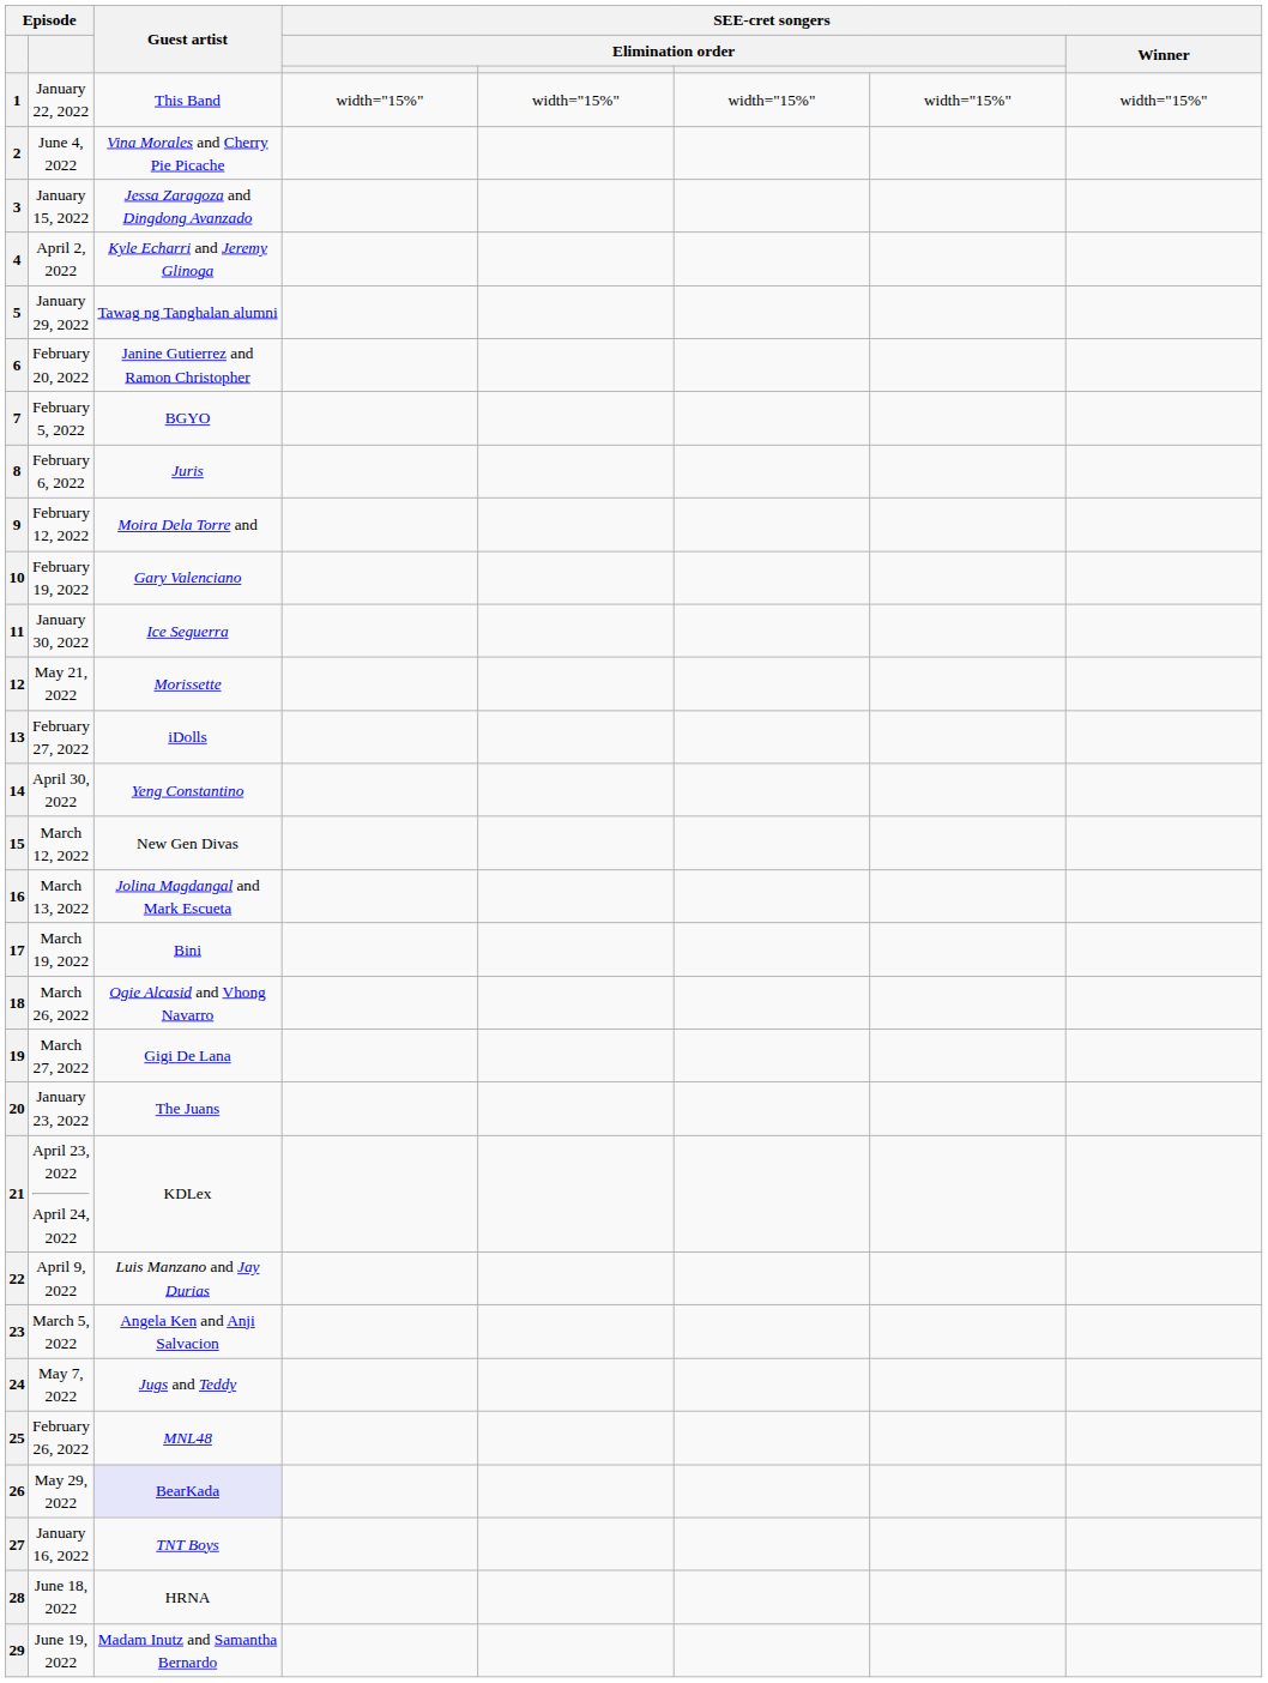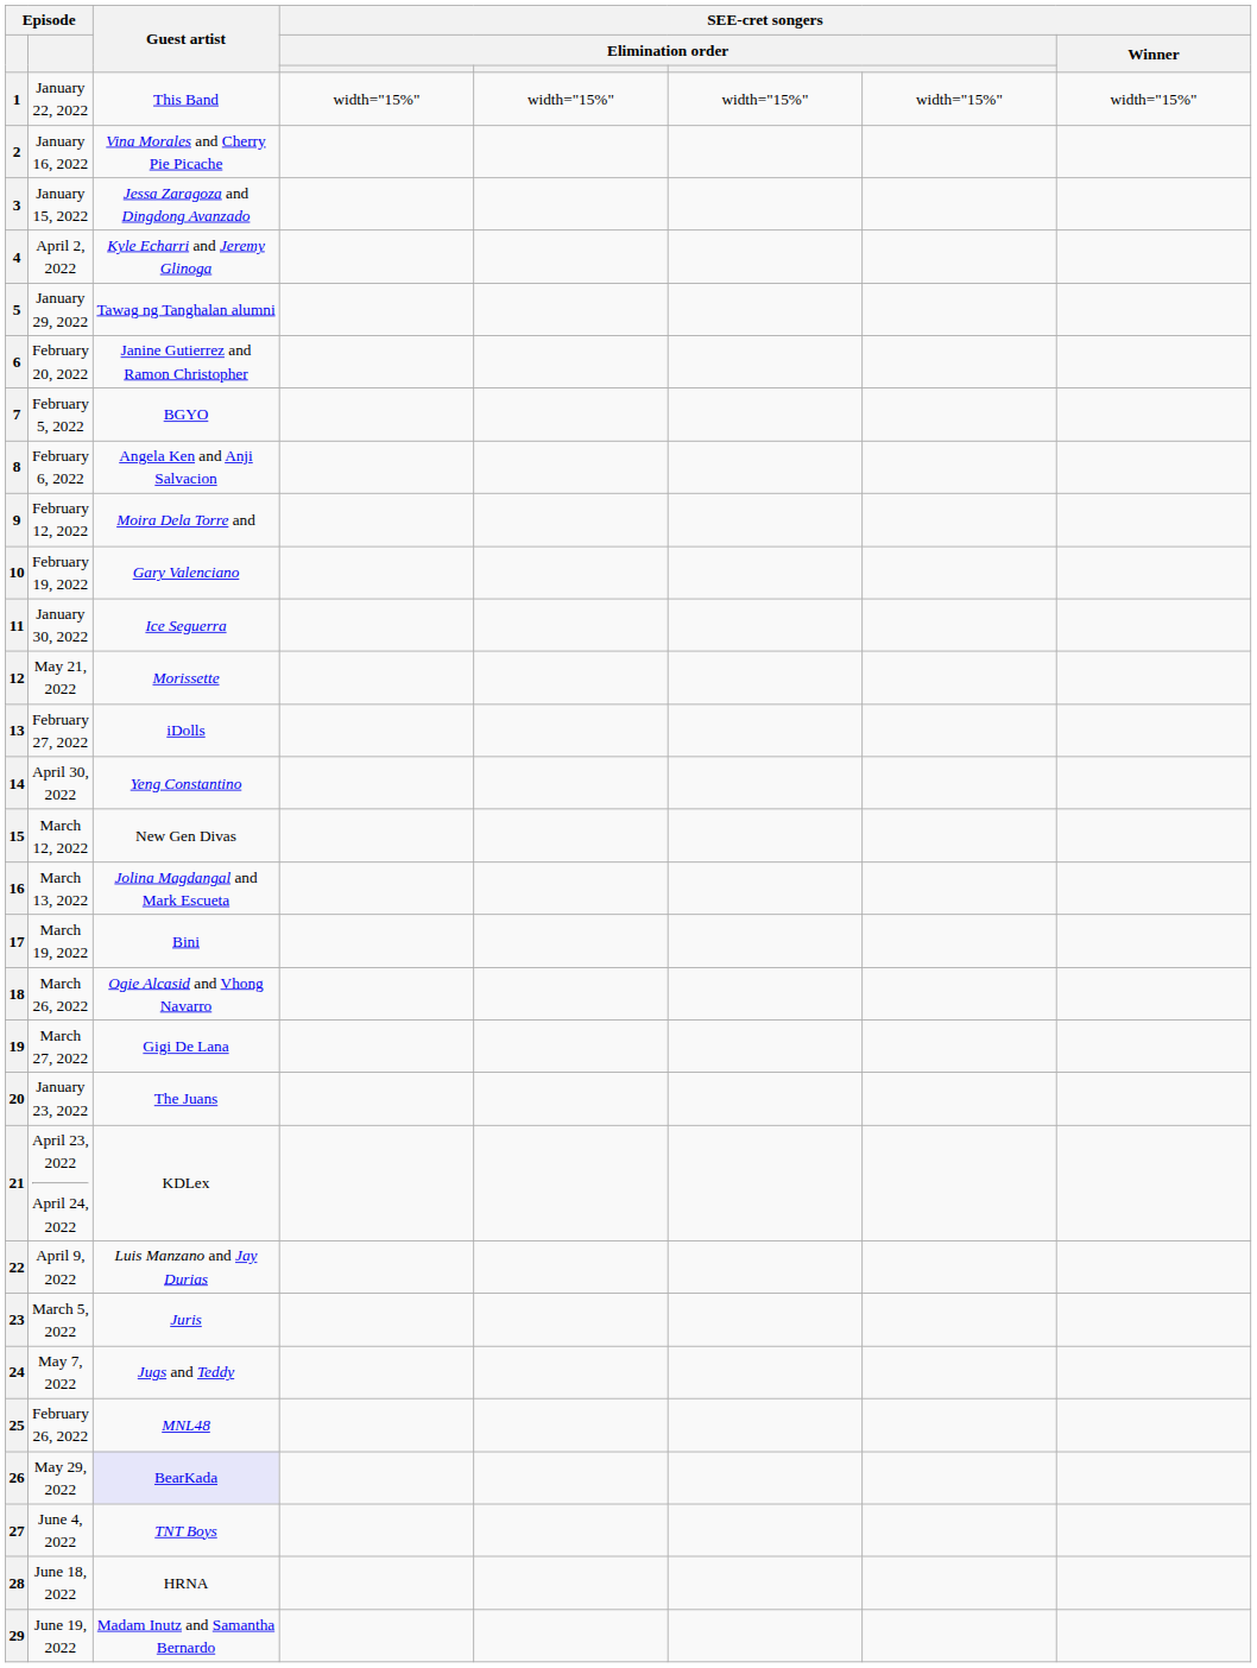 <table class="wikitable plainrowheaders mw-collapsible" style="text-align:center; line-height:23px; width:100%;">
 <tr>
 <th colspan="2" width="1%">Episode</th>
 <th rowspan="3" width="15%">Guest artist</th>
 <th colspan="5">SEE-cret songers<br></th>
 </tr>
 <tr>
 <th rowspan="2"></th>
 <th rowspan="2"></th>
 <th colspan="4">Elimination order</th>
 <th rowspan="2">Winner</th>
 </tr>
 <tr>
 <th></th>
 <th></th>
 <th colspan="2"></th>
 </tr>
 <tr>
 <th>1</th>
 <td>January 22, 2022</td>
 <td><a href='#'>This Band</a></td>
 <td>width="15%" </td>
 <td>width="15%" </td>
 <td>width="15%" </td>
 <td>width="15%" </td>
 <td>width="15%" </td>
 </tr>
 <tr>
 <th>2</th>
-<td>June 4, 2022</td>
+<td>January 16, 2022</td>
 <td><em><a href='#'>Vina Morales</a></em> and <a href='#'>Cherry Pie Picache</a></td>
 <td></td>
 <td></td>
 <td></td>
 <td></td>
 <td></td>
 </tr>
 <tr>
 <th>3</th>
 <td>January 15, 2022</td>
 <td><em><a href='#'>Jessa Zaragoza</a></em> and <em><a href='#'>Dingdong Avanzado</a></em></td>
 <td></td>
 <td></td>
 <td></td>
 <td></td>
 <td></td>
 </tr>
 <tr>
 <th>4</th>
 <td>April 2, 2022</td>
 <td><em><a href='#'>Kyle Echarri</a></em> and <em><a href='#'>Jeremy Glinoga</a></em></td>
 <td></td>
 <td></td>
 <td></td>
 <td></td>
 <td></td>
 </tr>
 <tr>
 <th>5</th>
 <td>January 29, 2022</td>
 <td><a href='#'>Tawag ng Tanghalan alumni</a><br></td>
 <td></td>
 <td></td>
 <td></td>
 <td></td>
 <td></td>
 </tr>
 <tr>
 <th>6</th>
 <td>February 20, 2022</td>
 <td><a href='#'>Janine Gutierrez</a> and <a href='#'>Ramon Christopher</a></td>
 <td></td>
 <td></td>
 <td></td>
 <td></td>
 <td></td>
 </tr>
 <tr>
 <th>7</th>
 <td>February 5, 2022</td>
 <td><a href='#'>BGYO</a></td>
 <td></td>
 <td></td>
 <td></td>
 <td></td>
 <td></td>
 </tr>
 <tr>
 <th>8</th>
 <td>February 6, 2022</td>
-<td><em><a href='#'>Juris</a></em></td>
+<td><a href='#'>Angela Ken</a> and <a href='#'>Anji Salvacion</a></td>
 <td></td>
 <td></td>
 <td></td>
 <td></td>
 <td></td>
 </tr>
 <tr>
 <th>9</th>
 <td>February 12, 2022</td>
 <td><em><a href='#'>Moira Dela Torre</a></em> and <br></td>
 <td></td>
 <td></td>
 <td></td>
 <td></td>
 <td></td>
 </tr>
 <tr>
 <th>10</th>
 <td>February 19, 2022</td>
 <td><em><a href='#'>Gary Valenciano</a></em></td>
 <td></td>
 <td></td>
 <td></td>
 <td></td>
 <td></td>
 </tr>
 <tr>
 <th>11</th>
 <td>January 30, 2022</td>
 <td><em><a href='#'>Ice Seguerra</a></em></td>
 <td></td>
 <td></td>
 <td></td>
 <td></td>
 <td></td>
 </tr>
 <tr>
 <th>12</th>
 <td>May 21, 2022</td>
 <td><em><a href='#'>Morissette</a></em></td>
 <td></td>
 <td></td>
 <td></td>
 <td></td>
 <td></td>
 </tr>
 <tr>
 <th>13</th>
 <td>February 27, 2022</td>
 <td><a href='#'>iDolls</a><br></td>
 <td></td>
 <td></td>
 <td></td>
 <td></td>
 <td></td>
 </tr>
 <tr>
 <th>14</th>
 <td>April 30, 2022</td>
 <td><em><a href='#'>Yeng Constantino</a></em></td>
 <td></td>
 <td></td>
 <td></td>
 <td></td>
 <td></td>
 </tr>
 <tr>
 <th>15</th>
 <td>March 12, 2022</td>
 <td>New Gen Divas<br></td>
 <td></td>
 <td></td>
 <td></td>
 <td></td>
 <td></td>
 </tr>
 <tr>
 <th>16</th>
 <td>March 13, 2022</td>
 <td><em><a href='#'>Jolina Magdangal</a></em> and <a href='#'>Mark Escueta</a></td>
 <td></td>
 <td></td>
 <td></td>
 <td></td>
 <td></td>
 </tr>
 <tr>
 <th>17</th>
 <td>March 19, 2022</td>
 <td><a href='#'>Bini</a></td>
 <td></td>
 <td></td>
 <td></td>
 <td></td>
 <td></td>
 </tr>
 <tr>
 <th>18</th>
 <td>March 26, 2022</td>
 <td><em><a href='#'>Ogie Alcasid</a></em> and <a href='#'>Vhong Navarro</a></td>
 <td></td>
 <td></td>
 <td></td>
 <td></td>
 <td></td>
 </tr>
 <tr>
 <th>19</th>
 <td>March 27, 2022</td>
 <td><a href='#'>Gigi De Lana</a></td>
 <td></td>
 <td></td>
 <td></td>
 <td></td>
 <td></td>
 </tr>
 <tr>
 <th>20</th>
 <td>January 23, 2022</td>
 <td><a href='#'>The Juans</a></td>
 <td></td>
 <td></td>
 <td></td>
 <td></td>
 <td></td>
 </tr>
 <tr>
 <th>21</th>
 <td>April 23, 2022<hr>April 24, 2022</td>
 <td>KDLex<br></td>
 <td></td>
 <td></td>
 <td></td>
 <td></td>
 <td></td>
 </tr>
 <tr>
 <th>22</th>
 <td>April 9, 2022</td>
 <td><em>Luis Manzano</em> and <em><a href='#'>Jay Durias</a></em></td>
 <td></td>
 <td></td>
 <td></td>
 <td></td>
 <td></td>
 </tr>
 <tr>
 <th>23</th>
 <td>March 5, 2022</td>
-<td><a href='#'>Angela Ken</a> and <a href='#'>Anji Salvacion</a></td>
+<td><em><a href='#'>Juris</a></em></td>
 <td></td>
 <td></td>
 <td></td>
 <td></td>
 <td></td>
 </tr>
 <tr>
 <th>24</th>
 <td>May 7, 2022</td>
 <td><em><a href='#'>Jugs</a></em> and <em><a href='#'>Teddy</a></em></td>
 <td></td>
 <td></td>
 <td></td>
 <td></td>
 <td></td>
 </tr>
 <tr>
 <th>25</th>
 <td>February 26, 2022</td>
 <td><em><a href='#'>MNL48</a></em></td>
 <td></td>
 <td></td>
 <td></td>
 <td></td>
 <td></td>
 </tr>
 <tr>
 <th>26</th>
 <td>May 29, 2022</td>
 <td style="background: lavender;"><a href='#'>BearKada</a><br></td>
 <td></td>
 <td></td>
 <td></td>
 <td></td>
 <td></td>
 </tr>
 <tr>
 <th>27</th>
-<td>January 16, 2022</td>
+<td>June 4, 2022</td>
 <td><em><a href='#'>TNT Boys</a></em></td>
 <td></td>
 <td></td>
 <td></td>
 <td></td>
 <td></td>
 </tr>
 <tr>
 <th>28</th>
 <td>June 18, 2022</td>
 <td>HRNA<br></td>
 <td></td>
 <td></td>
 <td></td>
 <td></td>
 <td></td>
 </tr>
 <tr>
 <th>29</th>
 <td>June 19, 2022</td>
 <td><a href='#'>Madam Inutz</a> and <a href='#'>Samantha Bernardo</a></td>
 <td></td>
 <td></td>
 <td></td>
 <td></td>
 <td></td>
 </tr>
 </table>
